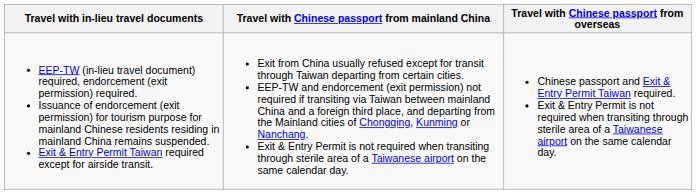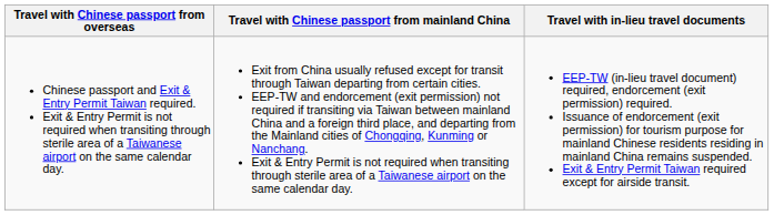 <table class="wikitable" style="text-align: left; font-size: smaller; table-layout: fixed; ">
 <tr>
+<th>Travel with <a href='#'>Chinese passport</a> from overseas</th>
+<th>Travel with <a href='#'>Chinese passport</a> from mainland China</th>
 <th>Travel with in-lieu travel documents</th>
-<th>Travel with <a href='#'>Chinese passport</a> from mainland China</th>
-<th>Travel with <a href='#'>Chinese passport</a> from overseas</th>
 </tr>
 <tr>
+<td><br><ul><li>Chinese passport and <a href='#'>Exit & Entry Permit Taiwan</a> required.</li><li>Exit & Entry Permit is not required when transiting through sterile area of a <a href='#'>Taiwanese airport</a> on the same calendar day.</li></ul></td>
+<td><br><ul><li>Exit from China usually refused except for transit through Taiwan departing from certain cities.</li><li>EEP-TW and endorcement (exit permission) not required if transiting via Taiwan between mainland China and a foreign third place, and departing from the Mainland cities of <a href='#'>Chongqing</a>, <a href='#'>Kunming</a> or <a href='#'>Nanchang</a>.</li><li>Exit & Entry Permit is not required when transiting through sterile area of a <a href='#'>Taiwanese airport</a> on the same calendar day.</li></ul></td>
 <td><br><ul><li><a href='#'>EEP-TW</a> (in-lieu travel document) required, endorcement (exit permission) required.</li><li>Issuance of endorcement (exit permission) for tourism purpose for mainland Chinese residents residing in mainland China remains suspended.</li><li><a href='#'>Exit & Entry Permit Taiwan</a>  required except for airside transit.</li></ul></td>
-<td><br><ul><li>Exit from China usually refused except for transit through Taiwan departing from certain cities.</li><li>EEP-TW and endorcement (exit permission) not required if transiting via Taiwan between mainland China and a foreign third place, and departing from the Mainland cities of <a href='#'>Chongqing</a>, <a href='#'>Kunming</a> or <a href='#'>Nanchang</a>.</li><li>Exit & Entry Permit is not required when transiting through sterile area of a <a href='#'>Taiwanese airport</a> on the same calendar day.</li></ul></td>
-<td><br><ul><li>Chinese passport and <a href='#'>Exit & Entry Permit Taiwan</a> required.</li><li>Exit & Entry Permit is not required when transiting through sterile area of a <a href='#'>Taiwanese airport</a> on the same calendar day.</li></ul></td>
 </tr>
 </table>
